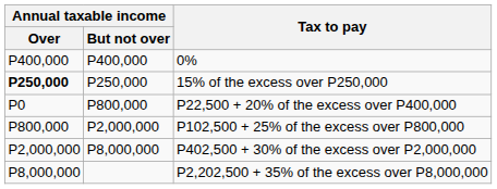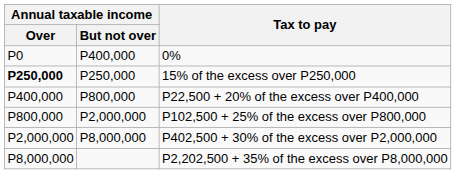 <table class="wikitable mw-collapsible mw-collapsed">
 <tr>
 <th colspan="2">Annual taxable income</th>
 <th rowspan="2;" style="width: 320px”">Tax to pay</th>
 </tr>
 <tr>
 <th style="width: 90px”">Over</th>
 <th style="width: 90px”">But not over</th>
 </tr>
 <tr>
-<td>P400,000</td>
+<td>P0</td>
 <td>P400,000</td>
 <td>0%</td>
 </tr>
 <tr>
 <td><strong>P250,000</strong></td>
 <td>P250,000</td>
 <td>15% of the excess over P250,000</td>
 </tr>
 <tr>
-<td>P0</td>
+<td>P400,000</td>
 <td>P800,000</td>
 <td>P22,500 + 20% of the excess over P400,000</td>
 </tr>
 <tr>
 <td>P800,000</td>
 <td>P2,000,000</td>
 <td>P102,500 + 25% of the excess over P800,000</td>
 </tr>
 <tr>
 <td>P2,000,000</td>
 <td>P8,000,000</td>
 <td>P402,500 + 30% of the excess over P2,000,000</td>
 </tr>
 <tr>
 <td>P8,000,000</td>
 <td></td>
 <td>P2,202,500 + 35% of the excess over P8,000,000</td>
 </tr>
 </table>
